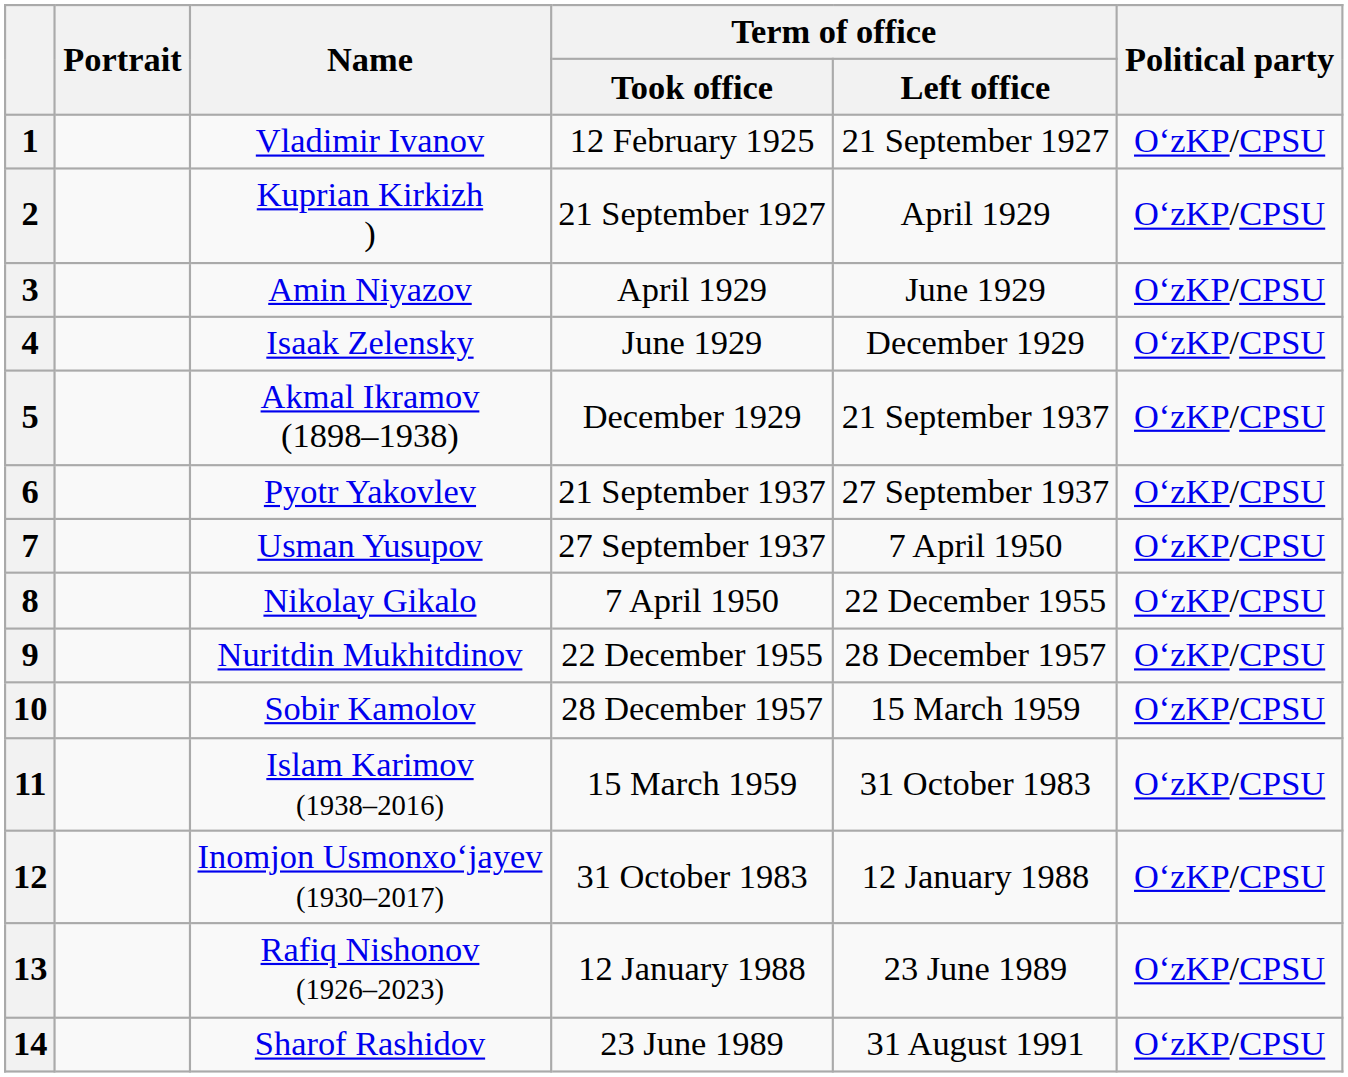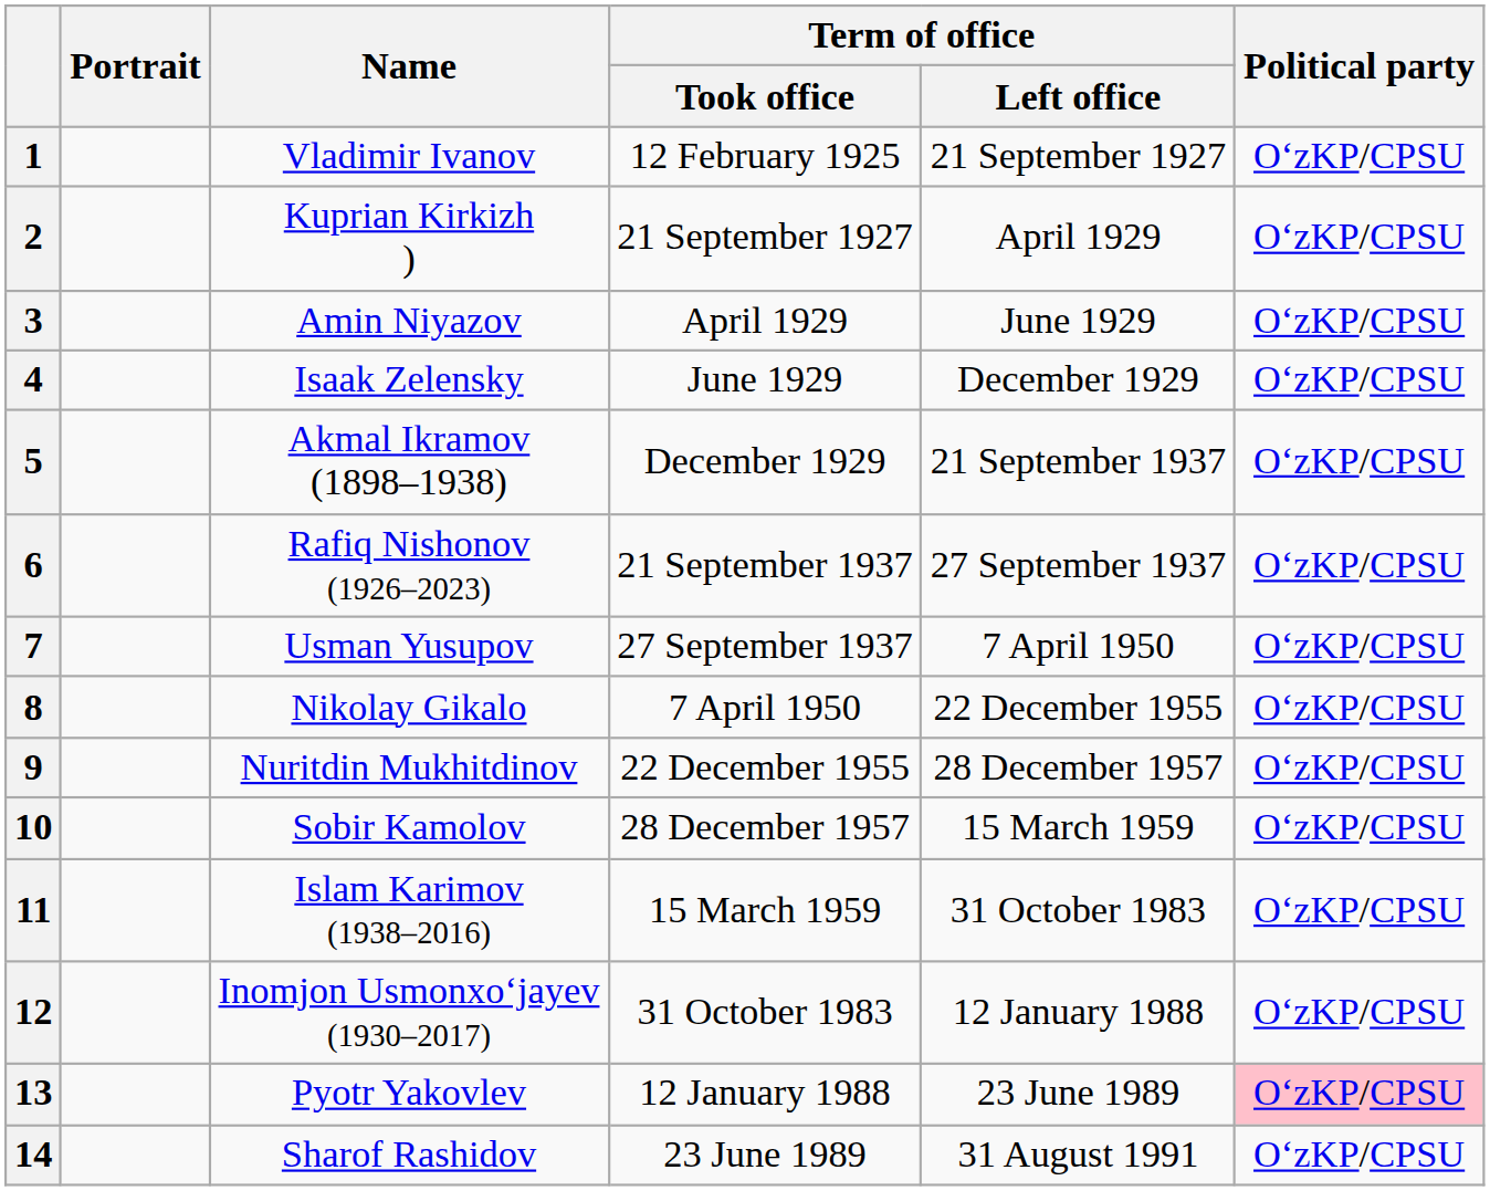 <table class="wikitable" style="text-align:center">
 <tr>
 <th rowspan="2"></th>
 <th rowspan="2"><strong>Portrait</strong></th>
 <th rowspan="2">Name<br></th>
 <th colspan="2">Term of office</th>
 <th rowspan="2">Political party</th>
 </tr>
 <tr>
 <th>Took office</th>
 <th>Left office</th>
 </tr>
 <tr>
 <th style="background:">1</th>
 <td></td>
 <td><a href='#'>Vladimir Ivanov</a><br></td>
 <td>12 February 1925</td>
 <td>21 September 1927</td>
 <td><a href='#'>OʻzKP</a>/<a href='#'>CPSU</a></td>
 </tr>
 <tr>
 <th style="background:">2</th>
 <td></td>
 <td><a href='#'>Kuprian Kirkizh</a><br>)</td>
 <td>21 September 1927</td>
 <td>April 1929</td>
 <td><a href='#'>OʻzKP</a>/<a href='#'>CPSU</a></td>
 </tr>
 <tr>
 <th style="background:">3</th>
 <td></td>
 <td><a href='#'>Amin Niyazov</a><br></td>
 <td>April 1929</td>
 <td>June 1929</td>
 <td><a href='#'>OʻzKP</a>/<a href='#'>CPSU</a></td>
 </tr>
 <tr>
 <th style="background:">4</th>
 <td></td>
 <td><a href='#'>Isaak Zelensky</a><br></td>
 <td>June 1929</td>
 <td>December 1929</td>
 <td><a href='#'>OʻzKP</a>/<a href='#'>CPSU</a></td>
 </tr>
 <tr>
 <th style="background:">5</th>
 <td></td>
 <td><a href='#'>Akmal Ikramov</a><br>(1898–1938)</td>
 <td>December 1929</td>
 <td>21 September 1937</td>
 <td><a href='#'>OʻzKP</a>/<a href='#'>CPSU</a></td>
 </tr>
 <tr>
 <th style="background:">6</th>
 <td></td>
-<td><a href='#'>Pyotr Yakovlev</a></td>
+<td><a href='#'>Rafiq Nishonov</a><br><small>(1926–2023)</small></td>
 <td>21 September 1937</td>
 <td>27 September 1937</td>
 <td><a href='#'>OʻzKP</a>/<a href='#'>CPSU</a></td>
 </tr>
 <tr>
 <th style="background:">7</th>
 <td></td>
 <td><a href='#'>Usman Yusupov</a><br></td>
 <td>27 September 1937</td>
 <td>7 April 1950</td>
 <td><a href='#'>OʻzKP</a>/<a href='#'>CPSU</a></td>
 </tr>
 <tr>
 <th style="background:">8</th>
 <td></td>
 <td><a href='#'>Nikolay Gikalo</a><br></td>
 <td>7 April 1950</td>
 <td>22 December 1955</td>
 <td><a href='#'>OʻzKP</a>/<a href='#'>CPSU</a></td>
 </tr>
 <tr>
 <th style="background:">9</th>
 <td></td>
 <td><a href='#'>Nuritdin Mukhitdinov</a><br></td>
 <td>22 December 1955</td>
 <td>28 December 1957</td>
 <td><a href='#'>OʻzKP</a>/<a href='#'>CPSU</a></td>
 </tr>
 <tr>
 <th style="background:">10</th>
 <td></td>
 <td><a href='#'>Sobir Kamolov</a><br></td>
 <td>28 December 1957</td>
 <td>15 March 1959</td>
 <td><a href='#'>OʻzKP</a>/<a href='#'>CPSU</a></td>
 </tr>
 <tr>
 <th style="background:">11</th>
 <td></td>
 <td><a href='#'>Islam Karimov</a><br><small>(1938–2016)</small></td>
 <td>15 March 1959</td>
 <td>31 October 1983</td>
 <td><a href='#'>OʻzKP</a>/<a href='#'>CPSU</a></td>
 </tr>
 <tr>
 <th style="background:">12</th>
 <td></td>
 <td><a href='#'>Inomjon Usmonxoʻjayev</a><br><small>(1930–2017)</small></td>
 <td>31 October 1983</td>
 <td>12 January 1988</td>
 <td><a href='#'>OʻzKP</a>/<a href='#'>CPSU</a></td>
 </tr>
 <tr>
 <th style="background:">13</th>
 <td></td>
-<td><a href='#'>Rafiq Nishonov</a><br><small>(1926–2023)</small></td>
+<td><a href='#'>Pyotr Yakovlev</a></td>
 <td>12 January 1988</td>
 <td>23 June 1989</td>
-<td><a href='#'>OʻzKP</a>/<a href='#'>CPSU</a></td>
+<td style="background: pink;"><a href='#'>OʻzKP</a>/<a href='#'>CPSU</a></td>
 </tr>
 <tr>
 <th style="background:">14</th>
 <td></td>
 <td><a href='#'>Sharof Rashidov</a><br></td>
 <td>23 June 1989</td>
 <td>31 August 1991</td>
 <td><a href='#'>OʻzKP</a>/<a href='#'>CPSU</a></td>
 </tr>
 </table>
